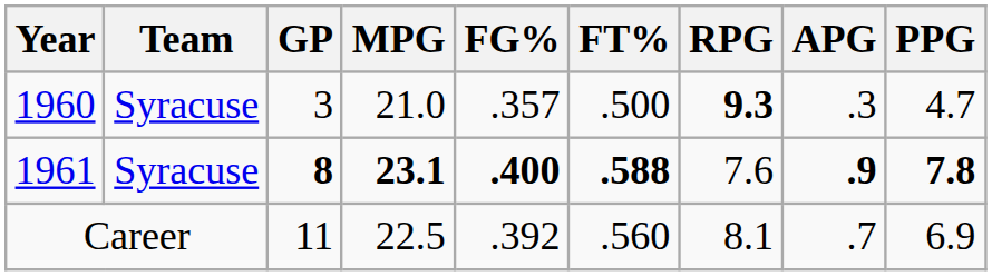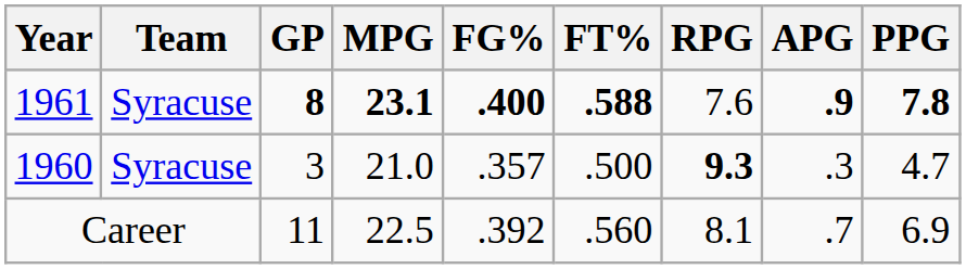 <table class="wikitable sortable" style="font-size:95%; text-align:right;">
 <tr>
 <th>Year</th>
 <th>Team</th>
 <th>GP</th>
 <th>MPG</th>
 <th>FG%</th>
 <th>FT%</th>
 <th>RPG</th>
 <th>APG</th>
 <th>PPG</th>
 </tr>
 <tr>
+<td style="text-align:left;"><a href='#'>1961</a></td>
+<td style="text-align:left;"><a href='#'>Syracuse</a></td>
+<td><strong>8</strong></td>
+<td><strong>23.1</strong></td>
+<td><strong>.400</strong></td>
+<td><strong>.588</strong></td>
+<td>7.6</td>
+<td><strong>.9</strong></td>
+<td><strong>7.8</strong></td>
+</tr>
+<tr>
 <td style="text-align:left;"><a href='#'>1960</a></td>
 <td style="text-align:left;"><a href='#'>Syracuse</a></td>
 <td>3</td>
 <td>21.0</td>
 <td>.357</td>
 <td>.500</td>
 <td><strong>9.3</strong></td>
 <td>.3</td>
 <td>4.7</td>
-</tr>
-<tr>
-<td style="text-align:left;"><a href='#'>1961</a></td>
-<td style="text-align:left;"><a href='#'>Syracuse</a></td>
-<td><strong>8</strong></td>
-<td><strong>23.1</strong></td>
-<td><strong>.400</strong></td>
-<td><strong>.588</strong></td>
-<td>7.6</td>
-<td><strong>.9</strong></td>
-<td><strong>7.8</strong></td>
 </tr>
 <tr class="sortbottom">
 <td style="text-align:center;" colspan="2">Career</td>
 <td>11</td>
 <td>22.5</td>
 <td>.392</td>
 <td>.560</td>
 <td>8.1</td>
 <td>.7</td>
 <td>6.9</td>
 </tr>
 </table>
